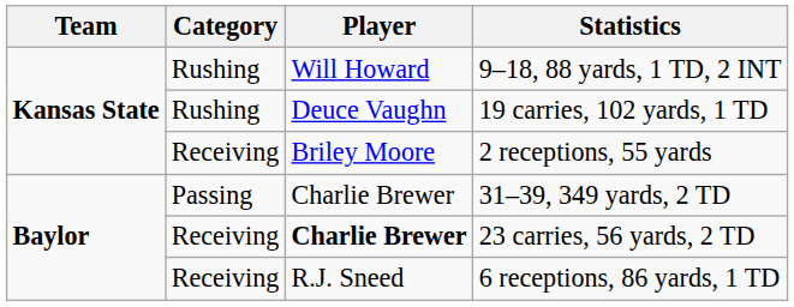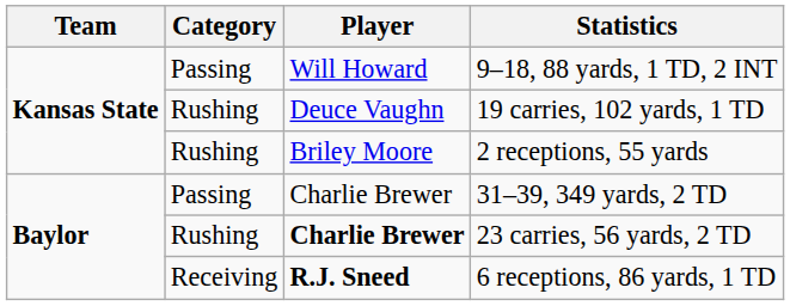 <table class="wikitable" style="float: right;">
 <tr>
 <th>Team</th>
 <th>Category</th>
 <th>Player</th>
 <th>Statistics</th>
 </tr>
 <tr>
 <td rowspan=3><strong>Kansas State</strong></td>
-<td>Rushing</td>
+<td>Passing</td>
 <td><a href='#'>Will Howard</a></td>
 <td>9–18, 88 yards, 1 TD, 2 INT</td>
 </tr>
 <tr>
 <td>Rushing</td>
 <td><a href='#'>Deuce Vaughn</a></td>
 <td>19 carries, 102 yards, 1 TD</td>
 </tr>
 <tr>
-<td>Receiving</td>
+<td>Rushing</td>
 <td><a href='#'>Briley Moore</a></td>
 <td>2 receptions, 55 yards</td>
 </tr>
 <tr>
 <td rowspan=3><strong>Baylor</strong></td>
 <td>Passing</td>
 <td>Charlie Brewer</td>
 <td>31–39, 349 yards, 2 TD</td>
 </tr>
 <tr>
-<td>Receiving</td>
+<td>Rushing</td>
 <td><strong>Charlie Brewer</strong></td>
 <td>23 carries, 56 yards, 2 TD</td>
 </tr>
 <tr>
 <td>Receiving</td>
-<td>R.J. Sneed</td>
+<td><strong>R.J. Sneed</strong></td>
 <td>6 receptions, 86 yards, 1 TD</td>
 </tr>
 </table>
